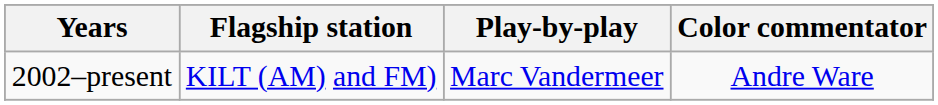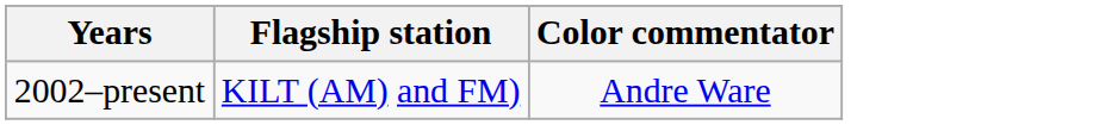 <table class="wikitable" style="text-align: center;">
 <tr>
 <th>Years</th>
 <th>Flagship station</th>
-<th>Play-by-play</th>
 <th>Color commentator</th>
 </tr>
 <tr>
 <td>2002–present</td>
 <td><a href='#'>KILT (AM)</a> <a href='#'>and FM)</a></td>
-<td><a href='#'>Marc Vandermeer</a></td>
 <td><a href='#'>Andre Ware</a></td>
 </tr>
 </table>
